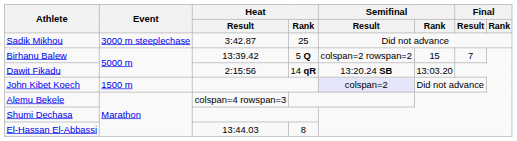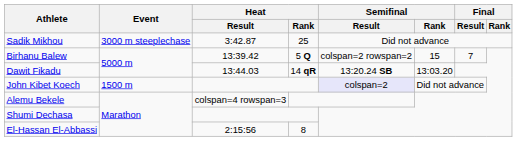 <table class="wikitable" style="font-size:90%">
 <tr>
 <th rowspan="2">Athlete</th>
 <th rowspan="2">Event</th>
 <th colspan="2">Heat</th>
 <th colspan="2">Semifinal</th>
 <th colspan="2">Final</th>
 </tr>
 <tr style="font-size:95%">
 <th>Result</th>
 <th>Rank</th>
 <th>Result</th>
 <th>Rank</th>
 <th>Result</th>
 <th>Rank</th>
 </tr>
 <tr align=center>
 <td align=left><a href='#'>Sadik Mikhou</a></td>
 <td align=left><a href='#'>3000 m steeplechase</a></td>
 <td>3:42.87</td>
 <td>25</td>
 <td colspan="4">Did not advance</td>
 </tr>
 <tr align=center>
 <td align=left><a href='#'>Birhanu Balew</a></td>
 <td align=left rowspan=2><a href='#'>5000 m</a></td>
 <td>13:39.42</td>
 <td>5 <strong>Q</strong></td>
 <td>colspan=2 rowspan=2 </td>
 <td>15</td>
 <td>7</td>
 </tr>
 <tr align=center>
 <td align=left><a href='#'>Dawit Fikadu</a></td>
-<td>2:15:56</td>
+<td>13:44.03</td>
 <td>14 <strong>qR</strong></td>
 <td>13:20.24 <strong>SB</strong></td>
 <td>13:03.20</td>
 </tr>
 <tr align=center>
 <td align=left><a href='#'>John Kibet Koech</a></td>
 <td align=left><a href='#'>1500 m</a></td>
 <td colspan=2></td>
 <td style="background: lavender;">colspan=2 </td>
 <td colspan=2>Did not advance</td>
 </tr>
 <tr align=center>
 <td align=left><a href='#'>Alemu Bekele</a></td>
 <td align=left rowspan=3><a href='#'>Marathon</a></td>
 <td>colspan=4 rowspan=3 </td>
 <td colspan=2></td>
 </tr>
 <tr align=center>
 <td align=left><a href='#'>Shumi Dechasa</a></td>
 <td colspan=2></td>
 </tr>
 <tr align=center>
 <td align=left><a href='#'>El-Hassan El-Abbassi</a></td>
-<td>13:44.03</td>
+<td>2:15:56</td>
 <td>8</td>
 </tr>
 </table>
